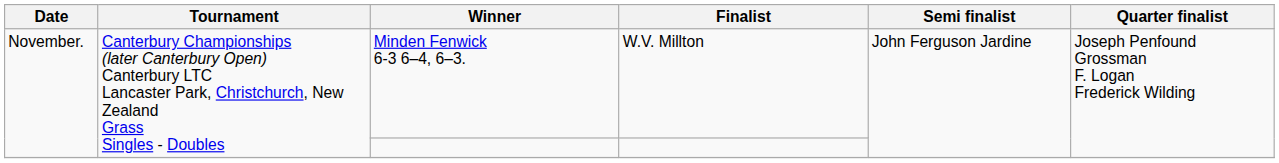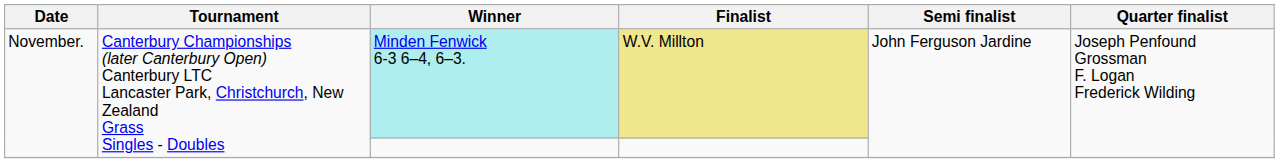 <table class="wikitable" style="font-size:85%;">
 <tr>
 <th width="75">Date</th>
 <th width="230">Tournament</th>
 <th width="210">Winner</th>
 <th width="210">Finalist</th>
 <th width="170">Semi finalist</th>
 <th width="170">Quarter finalist</th>
 </tr>
 <tr valign=top>
 <td rowspan=2>November.</td>
 <td rowspan=2><a href='#'>Canterbury Championships</a><br><em>(later Canterbury Open)</em><br>Canterbury LTC<br>Lancaster Park, <a href='#'>Christchurch</a>, New Zealand<br><a href='#'>Grass</a><br><a href='#'>Singles</a> - <a href='#'>Doubles</a></td>
-<td> <a href='#'>Minden Fenwick</a><br> 6-3 6–4, 6–3.</td>
-<td> W.V. Millton</td>
+<td style="background: paleturquoise;"> <a href='#'>Minden Fenwick</a><br> 6-3 6–4, 6–3.</td>
+<td style="background: khaki;"> W.V. Millton</td>
 <td rowspan=2> John Ferguson Jardine</td>
 <td rowspan=2> Joseph Penfound Grossman <br> F. Logan<br> Frederick Wilding</td>
 </tr>
 <tr valign=top>
 <td></td>
 <td></td>
 </tr>
 <tr valign=top>
 </tr>
 </table>
